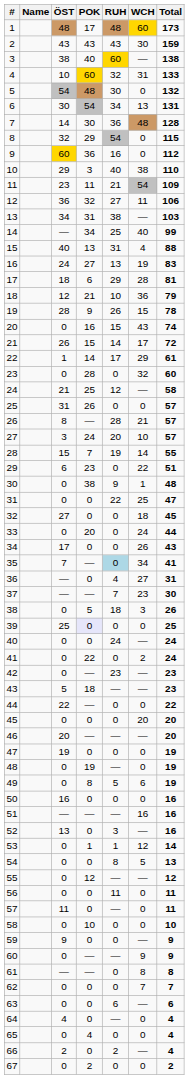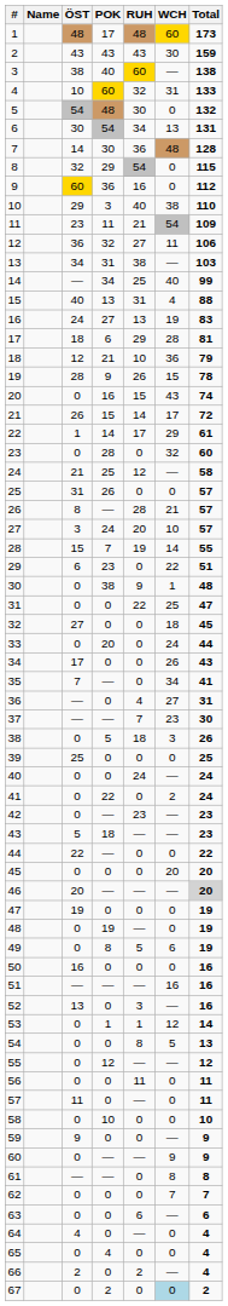 <table class="wikitable sortable" style="text-align:center;">
 <tr>
 <th>#</th>
 <th>Name</th>
 <th>ÖST</th>
 <th>POK</th>
 <th>RUH</th>
 <th>WCH</th>
 <th>Total</th>
 </tr>
 <tr>
 <td>1</td>
 <td align="left"></td>
 <td bgcolor=CC9966>48</td>
 <td>17</td>
 <td bgcolor=CC9966>48</td>
 <td bgcolor="gold">60</td>
 <td><strong>173</strong></td>
 </tr>
 <tr>
 <td>2</td>
 <td align="left"></td>
 <td>43</td>
 <td>43</td>
 <td>43</td>
 <td>30</td>
 <td><strong>159</strong></td>
 </tr>
 <tr>
 <td>3</td>
 <td align="left"></td>
 <td>38</td>
 <td>40</td>
 <td bgcolor="gold">60</td>
 <td>—</td>
 <td><strong>138</strong></td>
 </tr>
 <tr>
 <td>4</td>
 <td align="left"></td>
 <td>10</td>
 <td bgcolor="gold">60</td>
 <td>32</td>
 <td>31</td>
 <td><strong>133</strong></td>
 </tr>
 <tr>
 <td>5</td>
 <td align="left"></td>
 <td bgcolor="silver">54</td>
 <td bgcolor=CC9966>48</td>
 <td>30</td>
 <td>0</td>
 <td><strong>132</strong></td>
 </tr>
 <tr>
 <td>6</td>
 <td align="left"></td>
 <td>30</td>
 <td bgcolor="silver">54</td>
 <td>34</td>
 <td>13</td>
 <td><strong>131</strong></td>
 </tr>
 <tr>
 <td>7</td>
 <td align="left"></td>
 <td>14</td>
 <td>30</td>
 <td>36</td>
 <td bgcolor=CC9966>48</td>
 <td><strong>128</strong></td>
 </tr>
 <tr>
 <td>8</td>
 <td align="left"></td>
 <td>32</td>
 <td>29</td>
 <td bgcolor="silver">54</td>
 <td>0</td>
 <td><strong>115</strong></td>
 </tr>
 <tr>
 <td>9</td>
 <td align="left"></td>
 <td bgcolor="gold">60</td>
 <td>36</td>
 <td>16</td>
 <td>0</td>
 <td><strong>112</strong></td>
 </tr>
 <tr>
 <td>10</td>
 <td align="left"></td>
 <td>29</td>
 <td>3</td>
 <td>40</td>
 <td>38</td>
 <td><strong>110</strong></td>
 </tr>
 <tr>
 <td>11</td>
 <td align="left"></td>
 <td>23</td>
 <td>11</td>
 <td>21</td>
 <td bgcolor="silver">54</td>
 <td><strong>109</strong></td>
 </tr>
 <tr>
 <td>12</td>
 <td align="left"></td>
 <td>36</td>
 <td>32</td>
 <td>27</td>
 <td>11</td>
 <td><strong>106</strong></td>
 </tr>
 <tr>
 <td>13</td>
 <td align="left"></td>
 <td>34</td>
 <td>31</td>
 <td>38</td>
 <td>—</td>
 <td><strong>103</strong></td>
 </tr>
 <tr>
 <td>14</td>
 <td align="left"></td>
 <td>—</td>
 <td>34</td>
 <td>25</td>
 <td>40</td>
 <td><strong>99</strong></td>
 </tr>
 <tr>
 <td>15</td>
 <td align="left"></td>
 <td>40</td>
 <td>13</td>
 <td>31</td>
 <td>4</td>
 <td><strong>88</strong></td>
 </tr>
 <tr>
 <td>16</td>
 <td align="left"></td>
 <td>24</td>
 <td>27</td>
 <td>13</td>
 <td>19</td>
 <td><strong>83</strong></td>
 </tr>
 <tr>
 <td>17</td>
 <td align="left"></td>
 <td>18</td>
 <td>6</td>
 <td>29</td>
 <td>28</td>
 <td><strong>81</strong></td>
 </tr>
 <tr>
 <td>18</td>
 <td align="left"></td>
 <td>12</td>
 <td>21</td>
 <td>10</td>
 <td>36</td>
 <td><strong>79</strong></td>
 </tr>
 <tr>
 <td>19</td>
 <td align="left"></td>
 <td>28</td>
 <td>9</td>
 <td>26</td>
 <td>15</td>
 <td><strong>78</strong></td>
 </tr>
 <tr>
 <td>20</td>
 <td align="left"></td>
 <td>0</td>
 <td>16</td>
 <td>15</td>
 <td>43</td>
 <td><strong>74</strong></td>
 </tr>
 <tr>
 <td>21</td>
 <td align="left"></td>
 <td>26</td>
 <td>15</td>
 <td>14</td>
 <td>17</td>
 <td><strong>72</strong></td>
 </tr>
 <tr>
 <td>22</td>
 <td align="left"></td>
 <td>1</td>
 <td>14</td>
 <td>17</td>
 <td>29</td>
 <td><strong>61</strong></td>
 </tr>
 <tr>
 <td>23</td>
 <td align="left"></td>
 <td>0</td>
 <td>28</td>
 <td>0</td>
 <td>32</td>
 <td><strong>60</strong></td>
 </tr>
 <tr>
 <td>24</td>
 <td align="left"></td>
 <td>21</td>
 <td>25</td>
 <td>12</td>
 <td>—</td>
 <td><strong>58</strong></td>
 </tr>
 <tr>
 <td>25</td>
 <td align="left"></td>
 <td>31</td>
 <td>26</td>
 <td>0</td>
 <td>0</td>
 <td><strong>57</strong></td>
 </tr>
 <tr>
 <td>26</td>
 <td align="left"></td>
 <td>8</td>
 <td>—</td>
 <td>28</td>
 <td>21</td>
 <td><strong>57</strong></td>
 </tr>
 <tr>
 <td>27</td>
 <td align="left"></td>
 <td>3</td>
 <td>24</td>
 <td>20</td>
 <td>10</td>
 <td><strong>57</strong></td>
 </tr>
 <tr>
 <td>28</td>
 <td align="left"></td>
 <td>15</td>
 <td>7</td>
 <td>19</td>
 <td>14</td>
 <td><strong>55</strong></td>
 </tr>
 <tr>
 <td>29</td>
 <td align="left"></td>
 <td>6</td>
 <td>23</td>
 <td>0</td>
 <td>22</td>
 <td><strong>51</strong></td>
 </tr>
 <tr>
 <td>30</td>
 <td align="left"></td>
 <td>0</td>
 <td>38</td>
 <td>9</td>
 <td>1</td>
 <td><strong>48</strong></td>
 </tr>
 <tr>
 <td>31</td>
 <td align="left"></td>
 <td>0</td>
 <td>0</td>
 <td>22</td>
 <td>25</td>
 <td><strong>47</strong></td>
 </tr>
 <tr>
 <td>32</td>
 <td align="left"></td>
 <td>27</td>
 <td>0</td>
 <td>0</td>
 <td>18</td>
 <td><strong>45</strong></td>
 </tr>
 <tr>
 <td>33</td>
 <td align="left"></td>
 <td>0</td>
 <td>20</td>
 <td>0</td>
 <td>24</td>
 <td><strong>44</strong></td>
 </tr>
 <tr>
 <td>34</td>
 <td align="left"></td>
 <td>17</td>
 <td>0</td>
 <td>0</td>
 <td>26</td>
 <td><strong>43</strong></td>
 </tr>
 <tr>
 <td>35</td>
 <td align="left"></td>
 <td>7</td>
 <td>—</td>
-<td style="background: lightblue;">0</td>
+<td>0</td>
 <td>34</td>
 <td><strong>41</strong></td>
 </tr>
 <tr>
 <td>36</td>
 <td align="left"></td>
 <td>—</td>
 <td>0</td>
 <td>4</td>
 <td>27</td>
 <td><strong>31</strong></td>
 </tr>
 <tr>
 <td>37</td>
 <td align="left"></td>
 <td>—</td>
 <td>—</td>
 <td>7</td>
 <td>23</td>
 <td><strong>30</strong></td>
 </tr>
 <tr>
 <td>38</td>
 <td align="left"></td>
 <td>0</td>
 <td>5</td>
 <td>18</td>
 <td>3</td>
 <td><strong>26</strong></td>
 </tr>
 <tr>
 <td>39</td>
 <td align="left"></td>
 <td>25</td>
-<td style="background: lavender;">0</td>
+<td>0</td>
 <td>0</td>
 <td>0</td>
 <td><strong>25</strong></td>
 </tr>
 <tr>
 <td>40</td>
 <td align="left"></td>
 <td>0</td>
 <td>0</td>
 <td>24</td>
 <td>—</td>
 <td><strong>24</strong></td>
 </tr>
 <tr>
 <td>41</td>
 <td align="left"></td>
 <td>0</td>
 <td>22</td>
 <td>0</td>
 <td>2</td>
 <td><strong>24</strong></td>
 </tr>
 <tr>
 <td>42</td>
 <td align="left"></td>
 <td>0</td>
 <td>—</td>
 <td>23</td>
 <td>—</td>
 <td><strong>23</strong></td>
 </tr>
 <tr>
 <td>43</td>
 <td align="left"></td>
 <td>5</td>
 <td>18</td>
 <td>—</td>
 <td>—</td>
 <td><strong>23</strong></td>
 </tr>
 <tr>
 <td>44</td>
 <td align="left"></td>
 <td>22</td>
 <td>—</td>
 <td>0</td>
 <td>0</td>
 <td><strong>22</strong></td>
 </tr>
 <tr>
 <td>45</td>
 <td align="left"></td>
 <td>0</td>
 <td>0</td>
 <td>0</td>
 <td>20</td>
 <td><strong>20</strong></td>
 </tr>
 <tr>
 <td>46</td>
 <td align="left"></td>
 <td>20</td>
 <td>—</td>
 <td>—</td>
 <td>—</td>
-<td><strong>20</strong></td>
+<td style="background: lightgrey;"><strong>20</strong></td>
 </tr>
 <tr>
 <td>47</td>
 <td align="left"></td>
 <td>19</td>
 <td>0</td>
 <td>0</td>
 <td>0</td>
 <td><strong>19</strong></td>
 </tr>
 <tr>
 <td>48</td>
 <td align="left"></td>
 <td>0</td>
 <td>19</td>
 <td>—</td>
 <td>0</td>
 <td><strong>19</strong></td>
 </tr>
 <tr>
 <td>49</td>
 <td align="left"></td>
 <td>0</td>
 <td>8</td>
 <td>5</td>
 <td>6</td>
 <td><strong>19</strong></td>
 </tr>
 <tr>
 <td>50</td>
 <td align="left"></td>
 <td>16</td>
 <td>0</td>
 <td>0</td>
 <td>0</td>
 <td><strong>16</strong></td>
 </tr>
 <tr>
 <td>51</td>
 <td align="left"></td>
 <td>—</td>
 <td>—</td>
 <td>—</td>
 <td>16</td>
 <td><strong>16</strong></td>
 </tr>
 <tr>
 <td>52</td>
 <td align="left"></td>
 <td>13</td>
 <td>0</td>
 <td>3</td>
 <td>—</td>
 <td><strong>16</strong></td>
 </tr>
 <tr>
 <td>53</td>
 <td align="left"></td>
 <td>0</td>
 <td>1</td>
 <td>1</td>
 <td>12</td>
 <td><strong>14</strong></td>
 </tr>
 <tr>
 <td>54</td>
 <td align="left"></td>
 <td>0</td>
 <td>0</td>
 <td>8</td>
 <td>5</td>
 <td><strong>13</strong></td>
 </tr>
 <tr>
 <td>55</td>
 <td align="left"></td>
 <td>0</td>
 <td>12</td>
 <td>—</td>
 <td>—</td>
 <td><strong>12</strong></td>
 </tr>
 <tr>
 <td>56</td>
 <td align="left"></td>
 <td>0</td>
 <td>0</td>
 <td>11</td>
 <td>0</td>
 <td><strong>11</strong></td>
 </tr>
 <tr>
 <td>57</td>
 <td align="left"></td>
 <td>11</td>
 <td>0</td>
 <td>—</td>
 <td>0</td>
 <td><strong>11</strong></td>
 </tr>
 <tr>
 <td>58</td>
 <td align="left"></td>
 <td>0</td>
 <td>10</td>
 <td>0</td>
 <td>0</td>
 <td><strong>10</strong></td>
 </tr>
 <tr>
 <td>59</td>
 <td align="left"></td>
 <td>9</td>
 <td>0</td>
 <td>0</td>
 <td>—</td>
 <td><strong>9</strong></td>
 </tr>
 <tr>
 <td>60</td>
 <td align="left"></td>
 <td>0</td>
 <td>—</td>
 <td>—</td>
 <td>9</td>
 <td><strong>9</strong></td>
 </tr>
 <tr>
 <td>61</td>
 <td align="left"></td>
 <td>—</td>
 <td>—</td>
 <td>0</td>
 <td>8</td>
 <td><strong>8</strong></td>
 </tr>
 <tr>
 <td>62</td>
 <td align="left"></td>
 <td>0</td>
 <td>0</td>
 <td>0</td>
 <td>7</td>
 <td><strong>7</strong></td>
 </tr>
 <tr>
 <td>63</td>
 <td align="left"></td>
 <td>0</td>
 <td>0</td>
 <td>6</td>
 <td>—</td>
 <td><strong>6</strong></td>
 </tr>
 <tr>
 <td>64</td>
 <td align="left"></td>
 <td>4</td>
 <td>0</td>
 <td>—</td>
 <td>0</td>
 <td><strong>4</strong></td>
 </tr>
 <tr>
 <td>65</td>
 <td align="left"></td>
 <td>0</td>
 <td>4</td>
 <td>0</td>
 <td>0</td>
 <td><strong>4</strong></td>
 </tr>
 <tr>
 <td>66</td>
 <td align="left"></td>
 <td>2</td>
 <td>0</td>
 <td>2</td>
 <td>—</td>
 <td><strong>4</strong></td>
 </tr>
 <tr>
 <td>67</td>
 <td align="left"></td>
 <td>0</td>
 <td>2</td>
 <td>0</td>
-<td>0</td>
+<td style="background: lightblue;">0</td>
 <td><strong>2</strong></td>
 </tr>
 </table>
